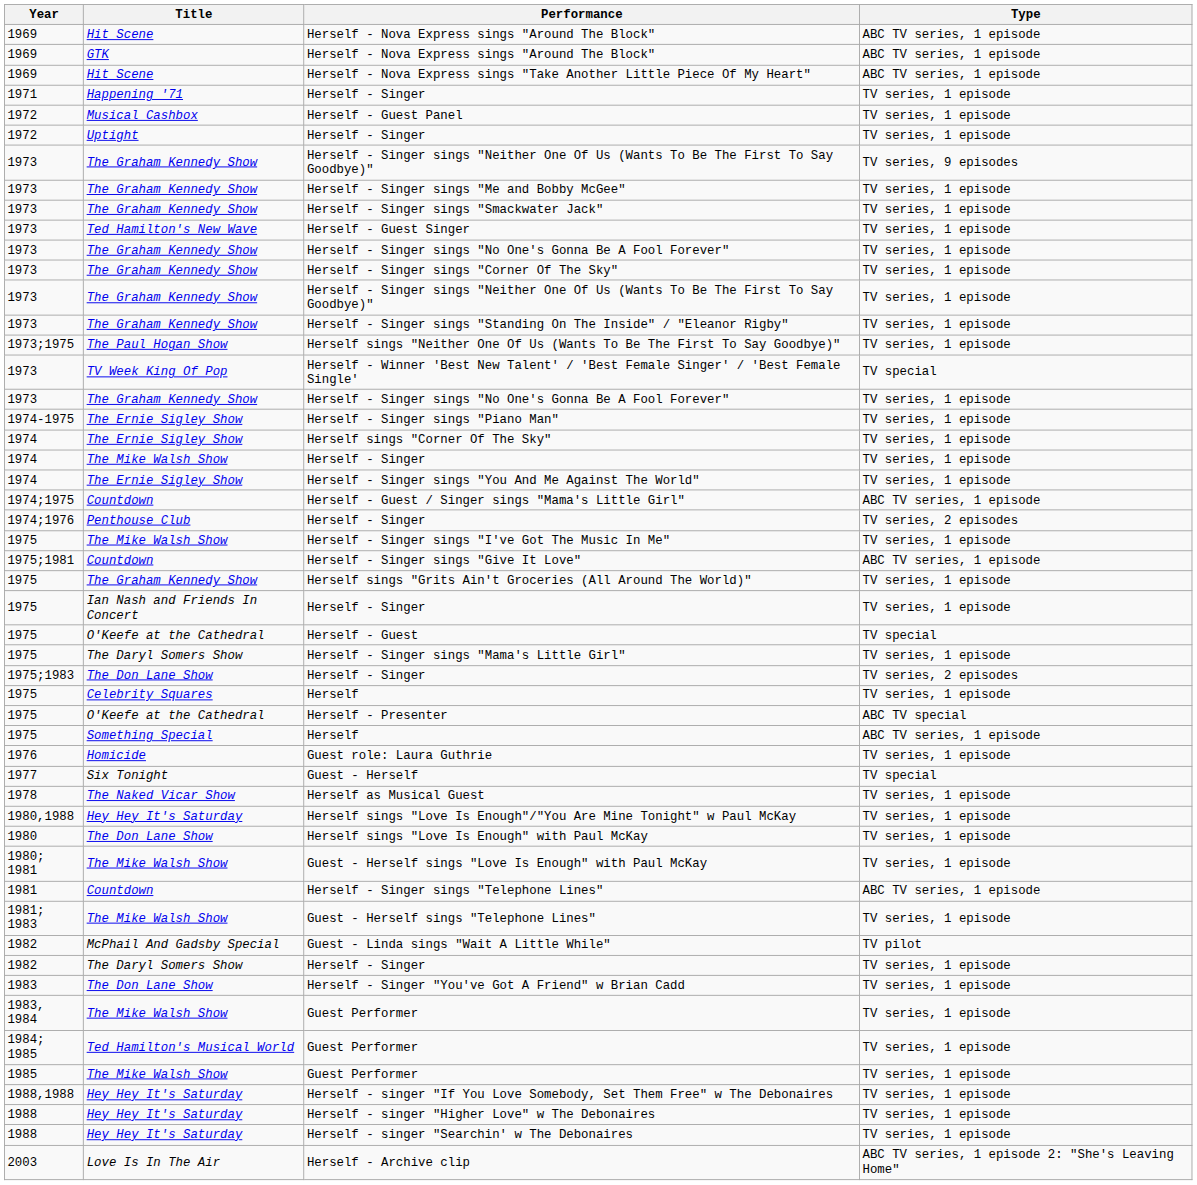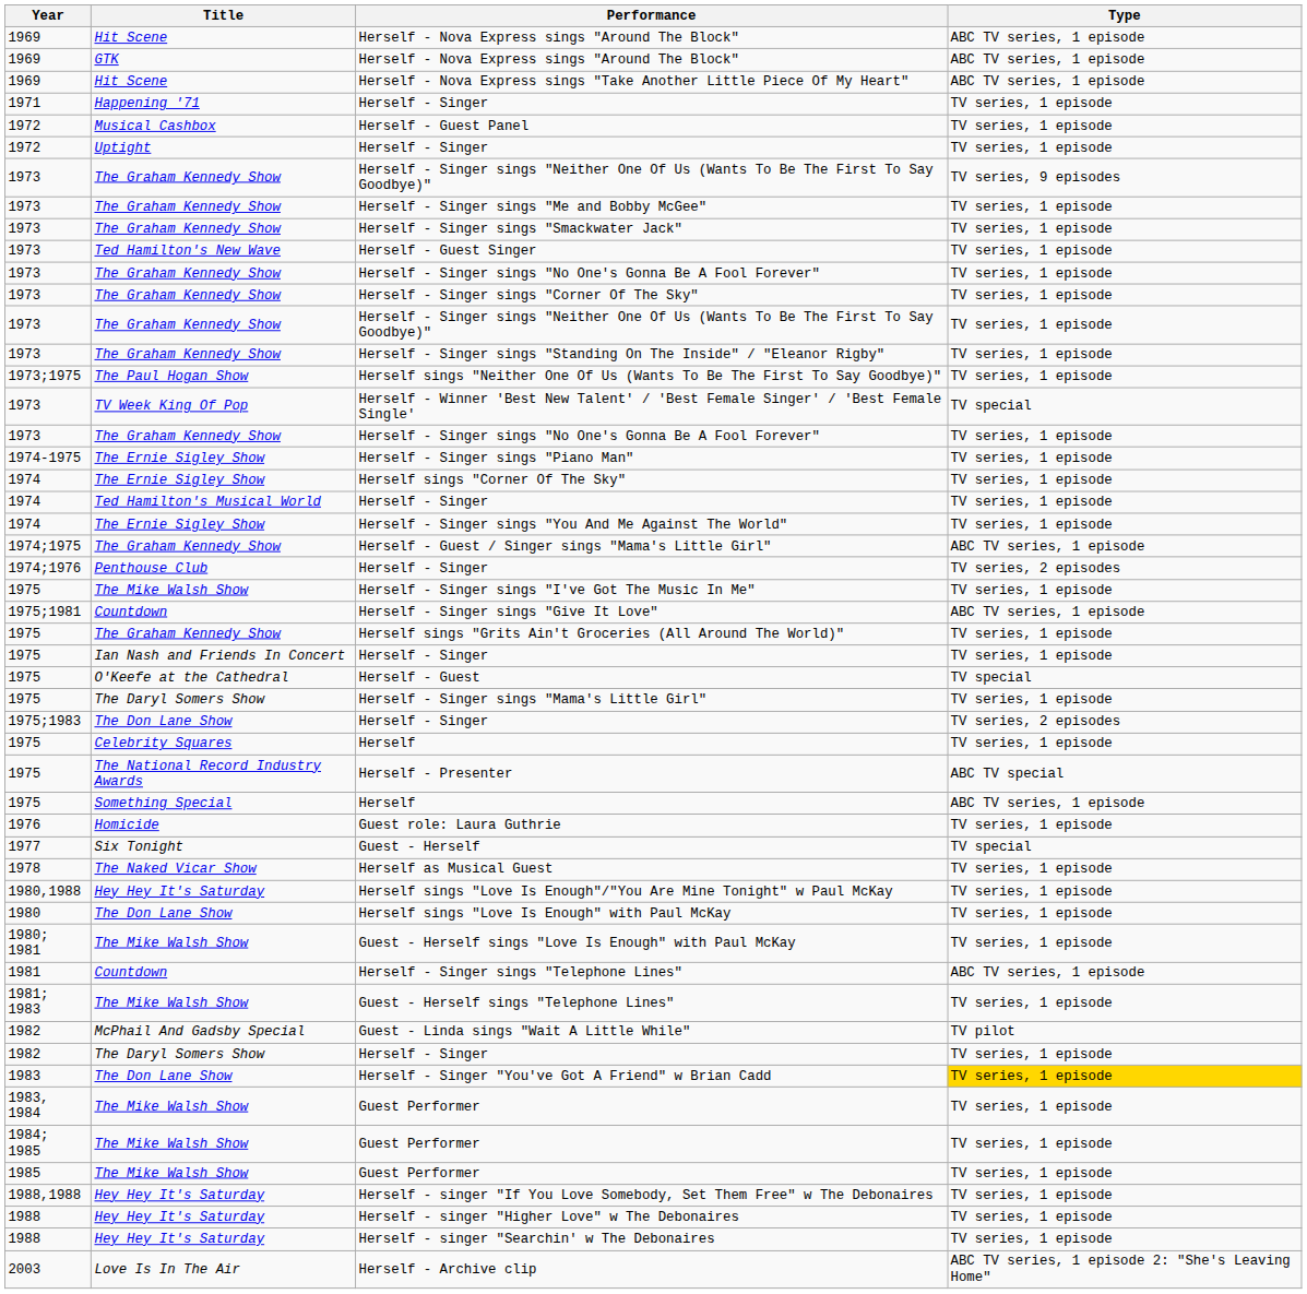 <table class="wikitable">
 <tr>
 <th>Year</th>
 <th>Title</th>
 <th>Performance</th>
 <th>Type</th>
 </tr>
 <tr>
 <td>1969</td>
 <td><em><a href='#'>Hit Scene</a></em></td>
 <td>Herself - Nova Express sings "Around The Block"</td>
 <td>ABC TV series, 1 episode</td>
 </tr>
 <tr>
 <td>1969</td>
 <td><em><a href='#'>GTK</a></em></td>
 <td>Herself - Nova Express sings "Around The Block"</td>
 <td>ABC TV series, 1 episode</td>
 </tr>
 <tr>
 <td>1969</td>
 <td><em><a href='#'>Hit Scene</a></em></td>
 <td>Herself - Nova Express sings "Take Another Little Piece Of My Heart"</td>
 <td>ABC TV series, 1 episode</td>
 </tr>
 <tr>
 <td>1971</td>
 <td><em><a href='#'>Happening '71</a></em></td>
 <td>Herself - Singer</td>
 <td>TV series, 1 episode</td>
 </tr>
 <tr>
 <td>1972</td>
 <td><em><a href='#'>Musical Cashbox</a></em></td>
 <td>Herself - Guest Panel</td>
 <td>TV series, 1 episode</td>
 </tr>
 <tr>
 <td>1972</td>
 <td><em><a href='#'>Uptight</a></em></td>
 <td>Herself - Singer</td>
 <td>TV series, 1 episode</td>
 </tr>
 <tr>
 <td>1973</td>
 <td><em><a href='#'>The Graham Kennedy Show</a></em></td>
 <td>Herself - Singer sings "Neither One Of Us (Wants To Be The First To Say Goodbye)"</td>
 <td>TV series, 9 episodes</td>
 </tr>
 <tr>
 <td>1973</td>
 <td><em><a href='#'>The Graham Kennedy Show</a></em></td>
 <td>Herself - Singer sings "Me and Bobby McGee"</td>
 <td>TV series, 1 episode</td>
 </tr>
 <tr>
 <td>1973</td>
 <td><em><a href='#'>The Graham Kennedy Show</a></em></td>
 <td>Herself - Singer sings "Smackwater Jack"</td>
 <td>TV series, 1 episode</td>
 </tr>
 <tr>
 <td>1973</td>
 <td><em><a href='#'>Ted Hamilton's New Wave</a></em></td>
 <td>Herself - Guest Singer</td>
 <td>TV series, 1 episode</td>
 </tr>
 <tr>
 <td>1973</td>
 <td><em><a href='#'>The Graham Kennedy Show</a></em></td>
 <td>Herself - Singer sings "No One's Gonna Be A Fool Forever"</td>
 <td>TV series, 1 episode</td>
 </tr>
 <tr>
 <td>1973</td>
 <td><em><a href='#'>The Graham Kennedy Show</a></em></td>
 <td>Herself - Singer sings "Corner Of The Sky"</td>
 <td>TV series, 1 episode</td>
 </tr>
 <tr>
 <td>1973</td>
 <td><em><a href='#'>The Graham Kennedy Show</a></em></td>
 <td>Herself - Singer sings "Neither One Of Us (Wants To Be The First To Say Goodbye)"</td>
 <td>TV series, 1 episode</td>
 </tr>
 <tr>
 <td>1973</td>
 <td><em><a href='#'>The Graham Kennedy Show</a></em></td>
 <td>Herself - Singer sings "Standing On The Inside" / "Eleanor Rigby"</td>
 <td>TV series, 1 episode</td>
 </tr>
 <tr>
 <td>1973;1975</td>
 <td><em><a href='#'>The Paul Hogan Show</a></em></td>
 <td>Herself sings "Neither One Of Us (Wants To Be The First To Say Goodbye)"</td>
 <td>TV series, 1 episode</td>
 </tr>
 <tr>
 <td>1973</td>
 <td><em><a href='#'>TV Week King Of Pop</a></em></td>
 <td>Herself - Winner 'Best New Talent' / 'Best Female Singer' / 'Best Female Single'</td>
 <td>TV special</td>
 </tr>
 <tr>
 <td>1973</td>
 <td><em><a href='#'>The Graham Kennedy Show</a></em></td>
 <td>Herself - Singer sings "No One's Gonna Be A Fool Forever"</td>
 <td>TV series, 1 episode</td>
 </tr>
 <tr>
 <td>1974-1975</td>
 <td><em><a href='#'>The Ernie Sigley Show</a></em></td>
 <td>Herself - Singer sings "Piano Man"</td>
 <td>TV series, 1 episode</td>
 </tr>
 <tr>
 <td>1974</td>
 <td><em><a href='#'>The Ernie Sigley Show</a></em></td>
 <td>Herself sings "Corner Of The Sky"</td>
 <td>TV series, 1 episode</td>
 </tr>
 <tr>
 <td>1974</td>
-<td><em><a href='#'>The Mike Walsh Show</a></em></td>
+<td><em><a href='#'>Ted Hamilton's Musical World</a></em></td>
 <td>Herself - Singer</td>
 <td>TV series, 1 episode</td>
 </tr>
 <tr>
 <td>1974</td>
 <td><em><a href='#'>The Ernie Sigley Show</a></em></td>
 <td>Herself - Singer sings "You And Me Against The World"</td>
 <td>TV series, 1 episode</td>
 </tr>
 <tr>
 <td>1974;1975</td>
-<td><em><a href='#'>Countdown</a></em></td>
+<td><em><a href='#'>The Graham Kennedy Show</a></em></td>
 <td>Herself - Guest / Singer sings "Mama's Little Girl"</td>
 <td>ABC TV series, 1 episode</td>
 </tr>
 <tr>
 <td>1974;1976</td>
 <td><em><a href='#'>Penthouse Club</a></em></td>
 <td>Herself - Singer</td>
 <td>TV series, 2 episodes</td>
 </tr>
 <tr>
 <td>1975</td>
 <td><em><a href='#'>The Mike Walsh Show</a></em></td>
 <td>Herself - Singer sings "I've Got The Music In Me"</td>
 <td>TV series, 1 episode</td>
 </tr>
 <tr>
 <td>1975;1981</td>
 <td><em><a href='#'>Countdown</a></em></td>
 <td>Herself - Singer sings "Give It Love"</td>
 <td>ABC TV series, 1 episode</td>
 </tr>
 <tr>
 <td>1975</td>
 <td><em><a href='#'>The Graham Kennedy Show</a></em></td>
 <td>Herself sings "Grits Ain't Groceries (All Around The World)"</td>
 <td>TV series, 1 episode</td>
 </tr>
 <tr>
 <td>1975</td>
 <td><em>Ian Nash and Friends In Concert</em></td>
 <td>Herself - Singer</td>
 <td>TV series, 1 episode</td>
 </tr>
 <tr>
 <td>1975</td>
 <td><em>O'Keefe at the Cathedral</em></td>
 <td>Herself - Guest</td>
 <td>TV special</td>
 </tr>
 <tr>
 <td>1975</td>
 <td><em>The Daryl Somers Show</em></td>
 <td>Herself - Singer sings "Mama's Little Girl"</td>
 <td>TV series, 1 episode</td>
 </tr>
 <tr>
 <td>1975;1983</td>
 <td><em><a href='#'>The Don Lane Show</a></em></td>
 <td>Herself - Singer</td>
 <td>TV series, 2 episodes</td>
 </tr>
 <tr>
 <td>1975</td>
 <td><em><a href='#'>Celebrity Squares</a></em></td>
 <td>Herself</td>
 <td>TV series, 1 episode</td>
 </tr>
 <tr>
 <td>1975</td>
-<td><em>O'Keefe at the Cathedral</em></td>
+<td><em><a href='#'>The National Record Industry Awards</a></em></td>
 <td>Herself - Presenter</td>
 <td>ABC TV special</td>
 </tr>
 <tr>
 <td>1975</td>
 <td><em><a href='#'>Something Special</a></em></td>
 <td>Herself</td>
 <td>ABC TV series, 1 episode</td>
 </tr>
 <tr>
 <td>1976</td>
 <td><em><a href='#'>Homicide</a></em></td>
 <td>Guest role: Laura Guthrie</td>
 <td>TV series, 1 episode</td>
 </tr>
 <tr>
 <td>1977</td>
 <td><em>Six Tonight</em></td>
 <td>Guest - Herself</td>
 <td>TV special</td>
 </tr>
 <tr>
 <td>1978</td>
 <td><em><a href='#'>The Naked Vicar Show</a></em></td>
 <td>Herself as Musical Guest</td>
 <td>TV series, 1 episode</td>
 </tr>
 <tr>
 <td>1980,1988</td>
 <td><em><a href='#'>Hey Hey It's Saturday</a></em></td>
 <td>Herself sings "Love Is Enough"/"You Are Mine Tonight" w Paul McKay</td>
 <td>TV series, 1 episode</td>
 </tr>
 <tr>
 <td>1980</td>
 <td><em><a href='#'>The Don Lane Show</a></em></td>
 <td>Herself sings "Love Is Enough" with Paul McKay</td>
 <td>TV series, 1 episode</td>
 </tr>
 <tr>
 <td>1980; 1981</td>
 <td><em><a href='#'>The Mike Walsh Show</a></em></td>
 <td>Guest - Herself sings "Love Is Enough" with Paul McKay</td>
 <td>TV series, 1 episode</td>
 </tr>
 <tr>
 <td>1981</td>
 <td><em><a href='#'>Countdown</a></em></td>
 <td>Herself - Singer sings "Telephone Lines"</td>
 <td>ABC TV series, 1 episode</td>
 </tr>
 <tr>
 <td>1981; 1983</td>
 <td><em><a href='#'>The Mike Walsh Show</a></em></td>
 <td>Guest - Herself sings "Telephone Lines"</td>
 <td>TV series, 1 episode</td>
 </tr>
 <tr>
 <td>1982</td>
 <td><em>McPhail And Gadsby Special</em></td>
 <td>Guest - Linda sings "Wait A Little While"</td>
 <td>TV pilot</td>
 </tr>
 <tr>
 <td>1982</td>
 <td><em>The Daryl Somers Show</em></td>
 <td>Herself - Singer</td>
 <td>TV series, 1 episode</td>
 </tr>
 <tr>
 <td>1983</td>
 <td><em><a href='#'>The Don Lane Show</a></em></td>
 <td>Herself - Singer "You've Got A Friend" w Brian Cadd</td>
-<td>TV series, 1 episode</td>
+<td style="background: gold;">TV series, 1 episode</td>
 </tr>
 <tr>
 <td>1983, 1984</td>
 <td><em><a href='#'>The Mike Walsh Show</a></em></td>
 <td>Guest Performer</td>
 <td>TV series, 1 episode</td>
 </tr>
 <tr>
 <td>1984; 1985</td>
-<td><em><a href='#'>Ted Hamilton's Musical World</a></em></td>
+<td><em><a href='#'>The Mike Walsh Show</a></em></td>
 <td>Guest Performer</td>
 <td>TV series, 1 episode</td>
 </tr>
 <tr>
 <td>1985</td>
 <td><em><a href='#'>The Mike Walsh Show</a></em></td>
 <td>Guest Performer</td>
 <td>TV series, 1 episode</td>
 </tr>
 <tr>
 <td>1988,1988</td>
 <td><em><a href='#'>Hey Hey It's Saturday</a></em></td>
 <td>Herself - singer "If You Love Somebody, Set Them Free" w The Debonaires</td>
 <td>TV series, 1 episode</td>
 </tr>
 <tr>
 <td>1988</td>
 <td><em><a href='#'>Hey Hey It's Saturday</a></em></td>
 <td>Herself - singer "Higher Love" w The Debonaires</td>
 <td>TV series, 1 episode</td>
 </tr>
 <tr>
 <td>1988</td>
 <td><em><a href='#'>Hey Hey It's Saturday</a></em></td>
 <td>Herself - singer "Searchin' w The Debonaires</td>
 <td>TV series, 1 episode</td>
 </tr>
 <tr>
 <td>2003</td>
 <td><em>Love Is In The Air</em></td>
 <td>Herself - Archive clip</td>
 <td>ABC TV series, 1 episode 2: "She's Leaving Home"</td>
 </tr>
 </table>
